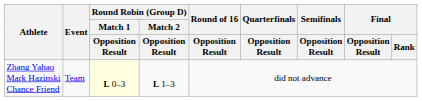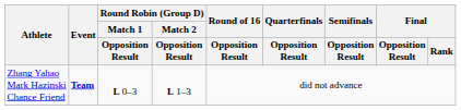 <table class="wikitable" border="1" style="font-size:90%">
 <tr>
 <th rowspan=3>Athlete</th>
 <th rowspan=3>Event</th>
 <th colspan=2>Round Robin (Group D)</th>
 <th rowspan=2>Round of 16</th>
 <th rowspan=2>Quarterfinals</th>
 <th rowspan=2>Semifinals</th>
 <th rowspan=2 colspan=2>Final</th>
 </tr>
 <tr>
 <th>Match 1</th>
 <th>Match 2</th>
 </tr>
 <tr>
 <th>Opposition<br>Result</th>
 <th>Opposition<br>Result</th>
 <th>Opposition<br>Result</th>
 <th>Opposition<br>Result</th>
 <th>Opposition<br>Result</th>
 <th>Opposition<br>Result</th>
 <th>Rank</th>
 </tr>
 <tr>
 <td><a href='#'>Zhang Yahao</a><br><a href='#'>Mark Hazinski</a><br><a href='#'>Chance Friend</a></td>
-<td><a href='#'>Team</a></td>
-<td align=center style="background: lightyellow;"><br><strong>L</strong> 0–3</td>
+<td><strong><a href='#'>Team</a></strong></td>
+<td align=center><br><strong>L</strong> 0–3</td>
 <td align=center><br><strong>L</strong> 1–3</td>
 <td align=center colspan=5>did not advance</td>
 </tr>
 </table>
